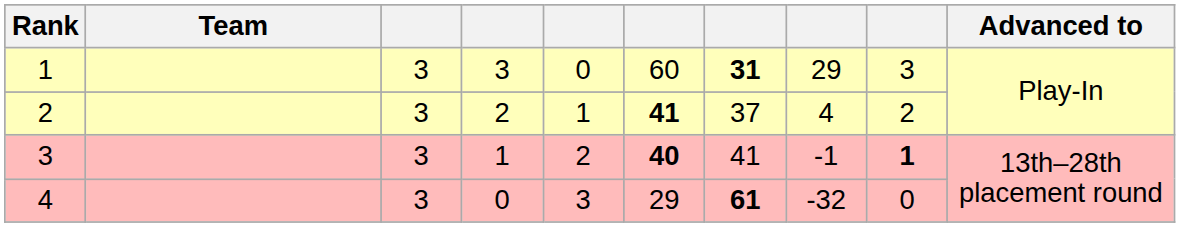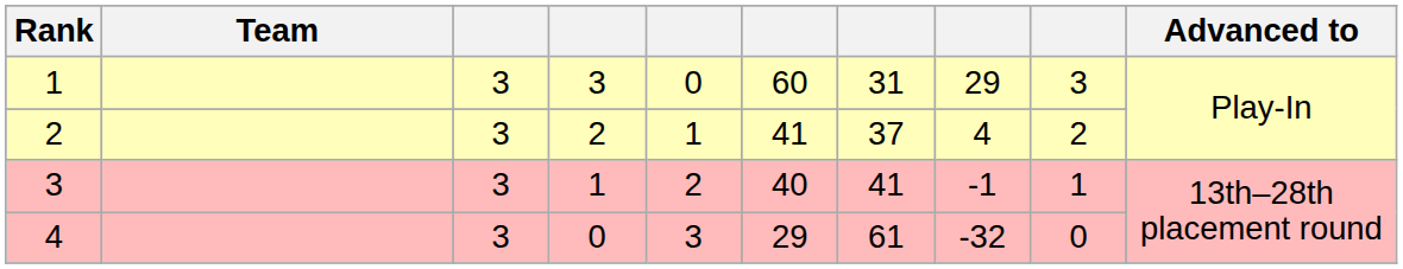 <table class="wikitable" style="text-align:center;">
 <tr>
 <th width=40>Rank</th>
 <th width=165>Team</th>
 <th width=40></th>
 <th width=40></th>
 <th width=40></th>
 <th width=40></th>
 <th width=40></th>
 <th width=40></th>
 <th width=40></th>
 <th width=125>Advanced to</th>
 </tr>
 <tr bgcolor=#ffffbb>
 <td>1</td>
 <td style="text-align:left;"></td>
 <td>3</td>
 <td>3</td>
 <td>0</td>
 <td>60</td>
-<td><strong>31</strong></td>
+<td>31</td>
 <td>29</td>
 <td>3</td>
 <td rowspan=2>Play-In</td>
 </tr>
 <tr bgcolor=#ffffbb>
 <td>2</td>
 <td style="text-align:left;"></td>
 <td>3</td>
 <td>2</td>
 <td>1</td>
-<td><strong>41</strong></td>
+<td>41</td>
 <td>37</td>
 <td>4</td>
 <td>2</td>
 </tr>
 <tr bgcolor=#ffbbbb>
 <td>3</td>
 <td style="text-align:left;"></td>
 <td>3</td>
 <td>1</td>
 <td>2</td>
-<td><strong>40</strong></td>
+<td>40</td>
 <td>41</td>
 <td>-1</td>
-<td><strong>1</strong></td>
+<td>1</td>
 <td rowspan=2>13th–28th placement round</td>
 </tr>
 <tr bgcolor=#ffbbbb>
 <td>4</td>
 <td style="text-align:left;"></td>
 <td>3</td>
 <td>0</td>
 <td>3</td>
 <td>29</td>
-<td><strong>61</strong></td>
+<td>61</td>
 <td>-32</td>
 <td>0</td>
 </tr>
 </table>
